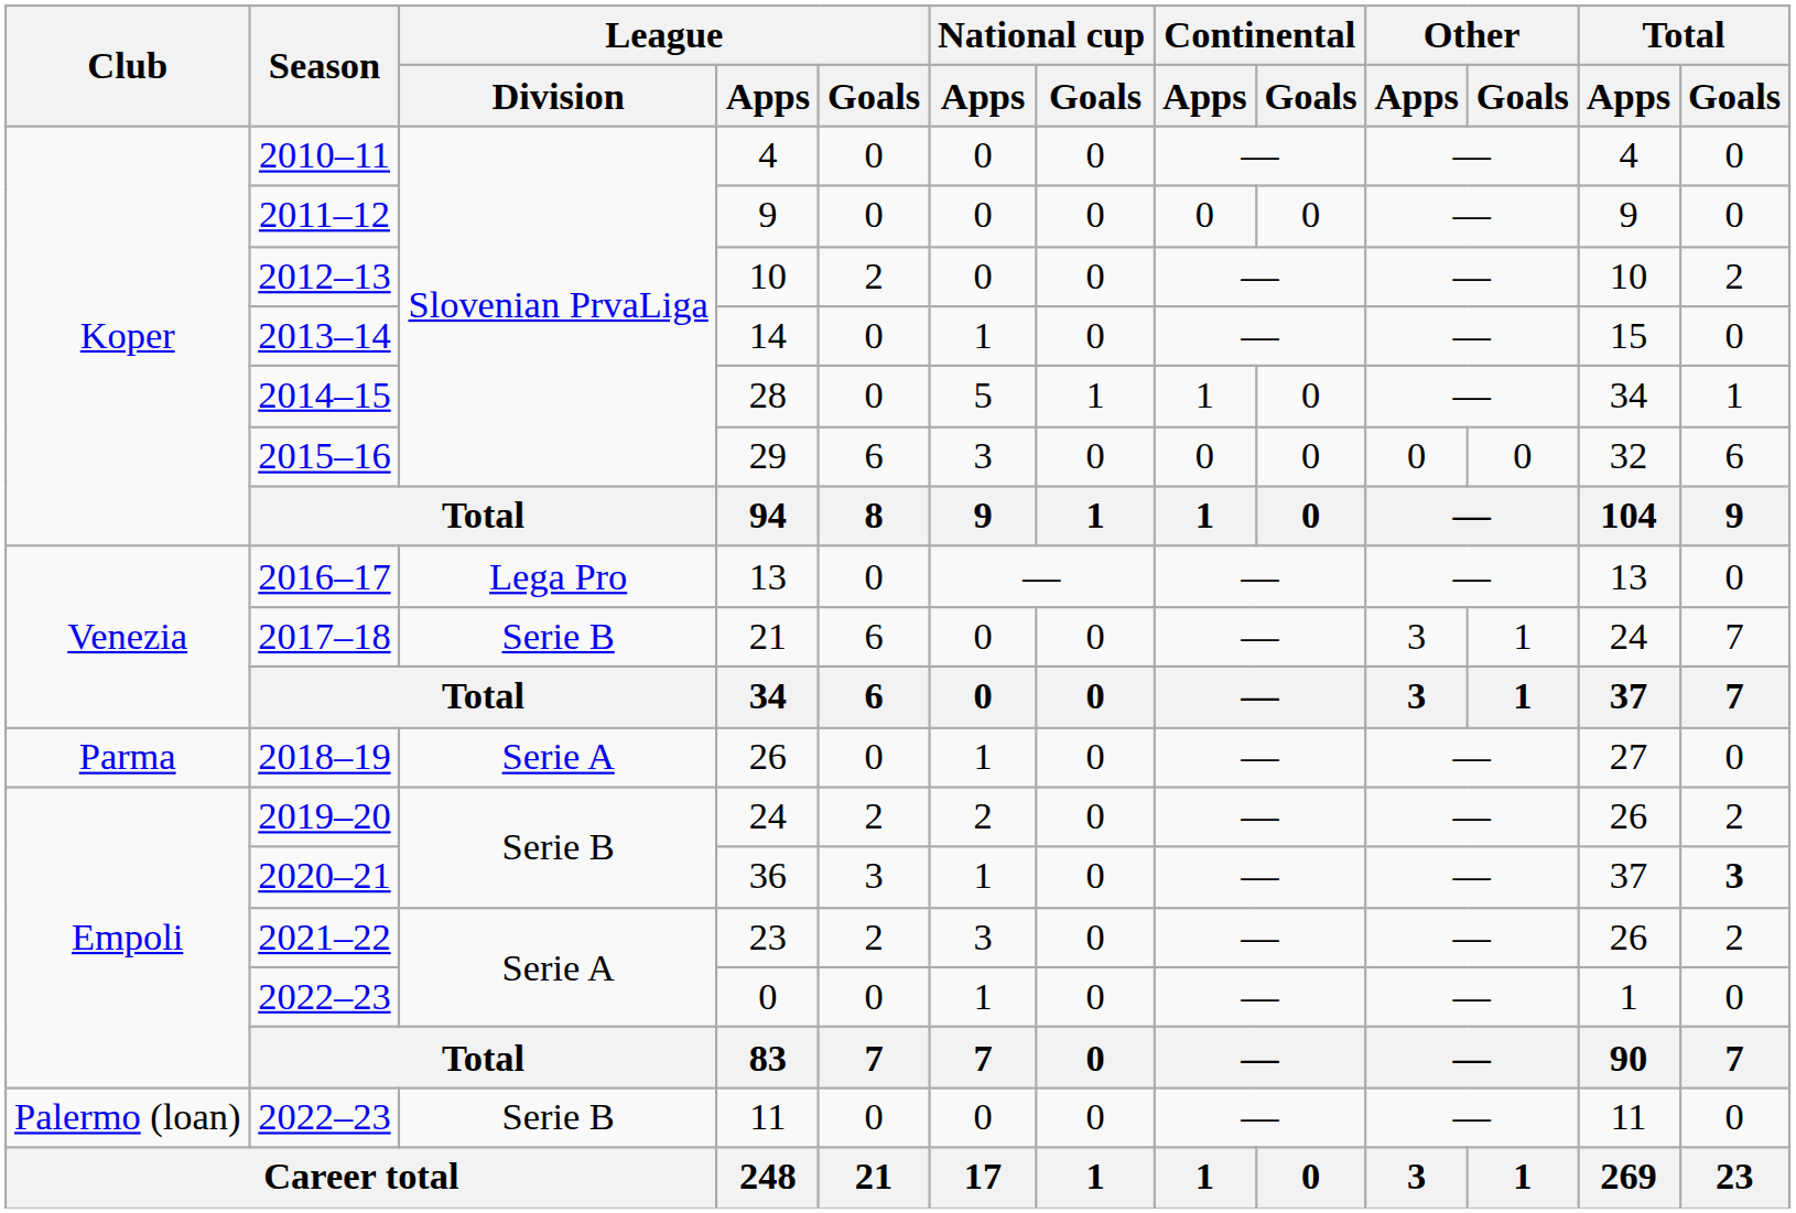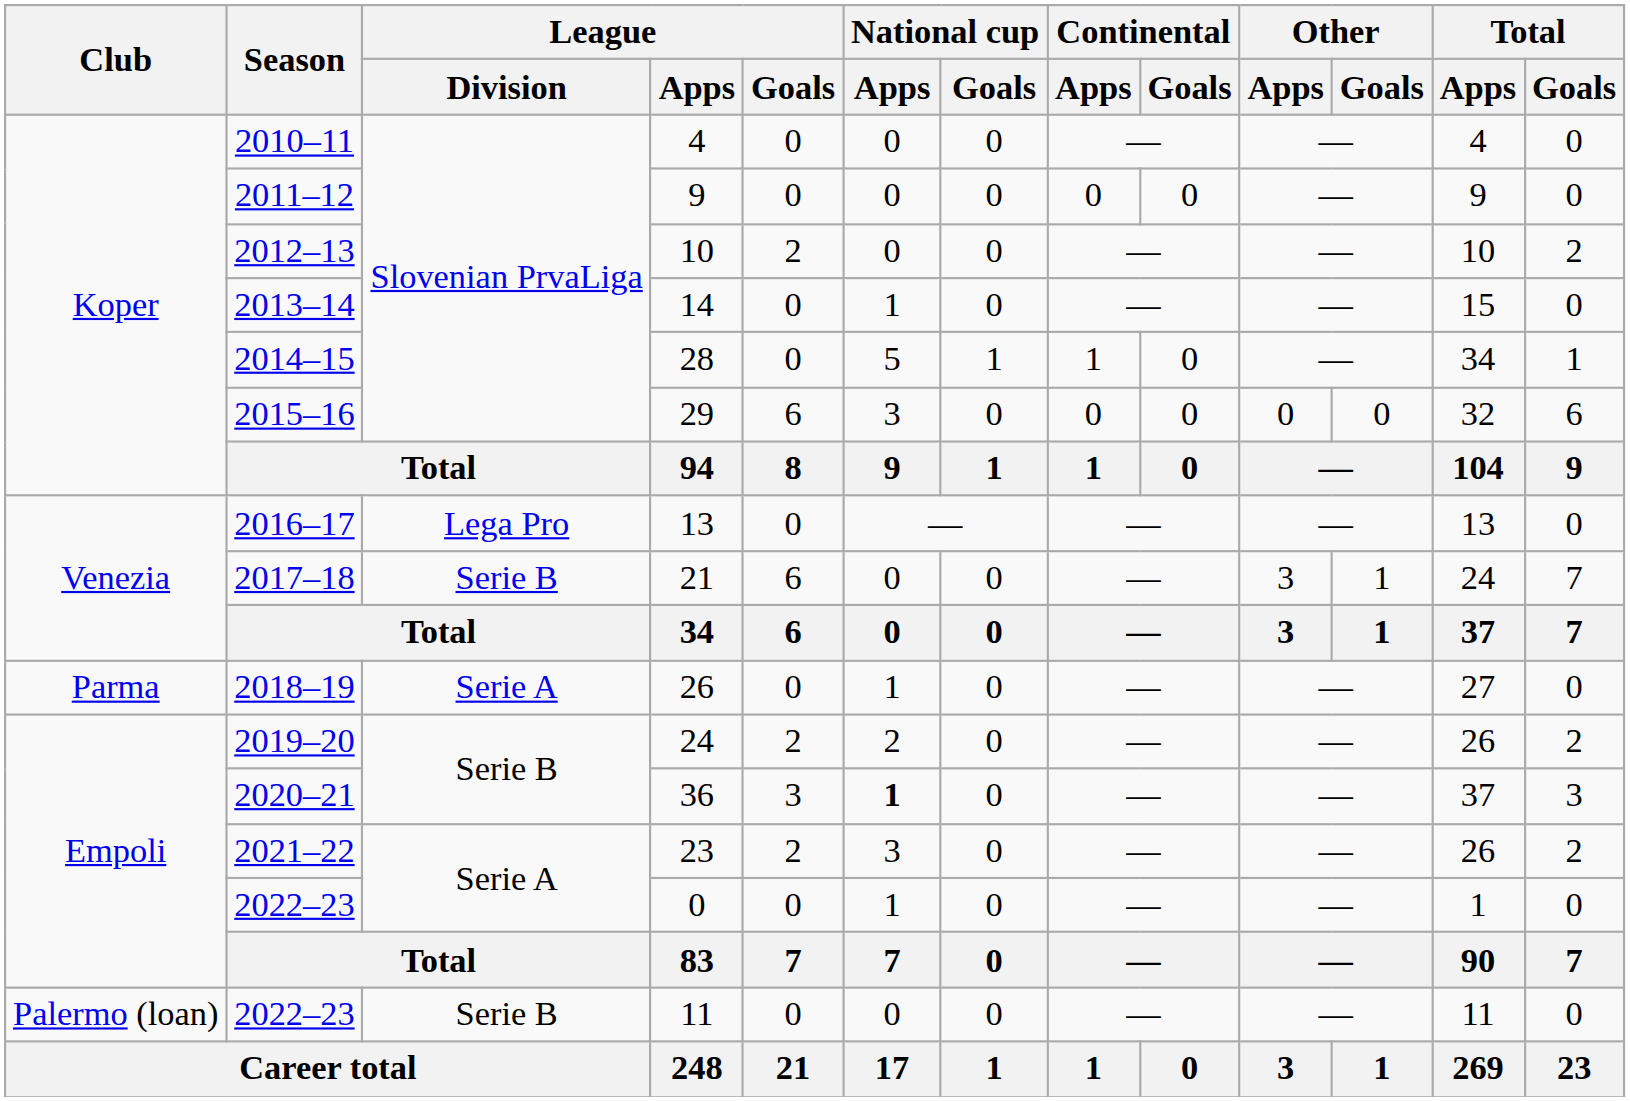 <table class="wikitable" style="text-align:center">
 <tr>
 <th rowspan="2">Club</th>
 <th rowspan="2">Season</th>
 <th colspan="3">League</th>
 <th colspan="2">National cup</th>
 <th colspan="2">Continental</th>
 <th colspan="2">Other</th>
 <th colspan="2">Total</th>
 </tr>
 <tr>
 <th>Division</th>
 <th>Apps</th>
 <th>Goals</th>
 <th>Apps</th>
 <th>Goals</th>
 <th>Apps</th>
 <th>Goals</th>
 <th>Apps</th>
 <th>Goals</th>
 <th>Apps</th>
 <th>Goals</th>
 </tr>
 <tr>
 <td rowspan="7"><a href='#'>Koper</a></td>
 <td><a href='#'>2010–11</a></td>
 <td rowspan="6"><a href='#'>Slovenian PrvaLiga</a></td>
 <td>4</td>
 <td>0</td>
 <td>0</td>
 <td>0</td>
 <td colspan="2">—</td>
 <td colspan="2">—</td>
 <td>4</td>
 <td>0</td>
 </tr>
 <tr>
 <td><a href='#'>2011–12</a></td>
 <td>9</td>
 <td>0</td>
 <td>0</td>
 <td>0</td>
 <td>0</td>
 <td>0</td>
 <td colspan="2">—</td>
 <td>9</td>
 <td>0</td>
 </tr>
 <tr>
 <td><a href='#'>2012–13</a></td>
 <td>10</td>
 <td>2</td>
 <td>0</td>
 <td>0</td>
 <td colspan="2">—</td>
 <td colspan="2">—</td>
 <td>10</td>
 <td>2</td>
 </tr>
 <tr>
 <td><a href='#'>2013–14</a></td>
 <td>14</td>
 <td>0</td>
 <td>1</td>
 <td>0</td>
 <td colspan="2">—</td>
 <td colspan="2">—</td>
 <td>15</td>
 <td>0</td>
 </tr>
 <tr>
 <td><a href='#'>2014–15</a></td>
 <td>28</td>
 <td>0</td>
 <td>5</td>
 <td>1</td>
 <td>1</td>
 <td>0</td>
 <td colspan="2">—</td>
 <td>34</td>
 <td>1</td>
 </tr>
 <tr>
 <td><a href='#'>2015–16</a></td>
 <td>29</td>
 <td>6</td>
 <td>3</td>
 <td>0</td>
 <td>0</td>
 <td>0</td>
 <td>0</td>
 <td>0</td>
 <td>32</td>
 <td>6</td>
 </tr>
 <tr>
 <th colspan="2">Total</th>
 <th>94</th>
 <th>8</th>
 <th>9</th>
 <th>1</th>
 <th>1</th>
 <th>0</th>
 <th colspan="2">—</th>
 <th>104</th>
 <th>9</th>
 </tr>
 <tr>
 <td rowspan="3"><a href='#'>Venezia</a></td>
 <td><a href='#'>2016–17</a></td>
 <td><a href='#'>Lega Pro</a></td>
 <td>13</td>
 <td>0</td>
 <td colspan="2">—</td>
 <td colspan="2">—</td>
 <td colspan="2">—</td>
 <td>13</td>
 <td>0</td>
 </tr>
 <tr>
 <td><a href='#'>2017–18</a></td>
 <td><a href='#'>Serie B</a></td>
 <td>21</td>
 <td>6</td>
 <td>0</td>
 <td>0</td>
 <td colspan="2">—</td>
 <td>3</td>
 <td>1</td>
 <td>24</td>
 <td>7</td>
 </tr>
 <tr>
 <th colspan="2">Total</th>
 <th>34</th>
 <th>6</th>
 <th>0</th>
 <th>0</th>
 <th colspan="2">—</th>
 <th>3</th>
 <th>1</th>
 <th>37</th>
 <th>7</th>
 </tr>
 <tr>
 <td><a href='#'>Parma</a></td>
 <td><a href='#'>2018–19</a></td>
 <td><a href='#'>Serie A</a></td>
 <td>26</td>
 <td>0</td>
 <td>1</td>
 <td>0</td>
 <td colspan="2">—</td>
 <td colspan="2">—</td>
 <td>27</td>
 <td>0</td>
 </tr>
 <tr>
 <td rowspan="5"><a href='#'>Empoli</a></td>
 <td><a href='#'>2019–20</a></td>
 <td rowspan="2">Serie B</td>
 <td>24</td>
 <td>2</td>
 <td>2</td>
 <td>0</td>
 <td colspan="2">—</td>
 <td colspan="2">—</td>
 <td>26</td>
 <td>2</td>
 </tr>
 <tr>
 <td><a href='#'>2020–21</a></td>
 <td>36</td>
 <td>3</td>
-<td>1</td>
+<td><strong>1</strong></td>
 <td>0</td>
 <td colspan="2">—</td>
 <td colspan="2">—</td>
 <td>37</td>
-<td><strong>3</strong></td>
+<td>3</td>
 </tr>
 <tr>
 <td><a href='#'>2021–22</a></td>
 <td rowspan="2">Serie A</td>
 <td>23</td>
 <td>2</td>
 <td>3</td>
 <td>0</td>
 <td colspan="2">—</td>
 <td colspan="2">—</td>
 <td>26</td>
 <td>2</td>
 </tr>
 <tr>
 <td><a href='#'>2022–23</a></td>
 <td>0</td>
 <td>0</td>
 <td>1</td>
 <td>0</td>
 <td colspan="2">—</td>
 <td colspan="2">—</td>
 <td>1</td>
 <td>0</td>
 </tr>
 <tr>
 <th colspan="2">Total</th>
 <th>83</th>
 <th>7</th>
 <th>7</th>
 <th>0</th>
 <th colspan="2">—</th>
 <th colspan="2">—</th>
 <th>90</th>
 <th>7</th>
 </tr>
 <tr>
 <td><a href='#'>Palermo</a> (loan)</td>
 <td><a href='#'>2022–23</a></td>
 <td>Serie B</td>
 <td>11</td>
 <td>0</td>
 <td>0</td>
 <td>0</td>
 <td colspan="2">—</td>
 <td colspan="2">—</td>
 <td>11</td>
 <td>0</td>
 </tr>
 <tr>
 <th colspan="3">Career total</th>
 <th>248</th>
 <th>21</th>
 <th>17</th>
 <th>1</th>
 <th>1</th>
 <th>0</th>
 <th>3</th>
 <th>1</th>
 <th>269</th>
 <th>23</th>
 </tr>
 </table>
